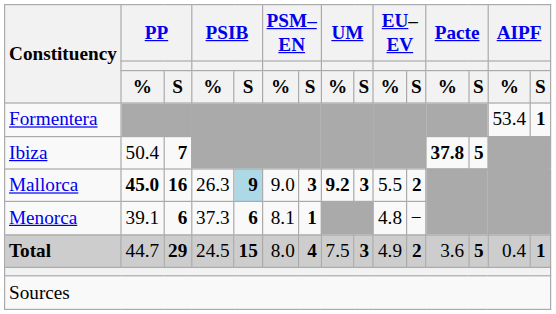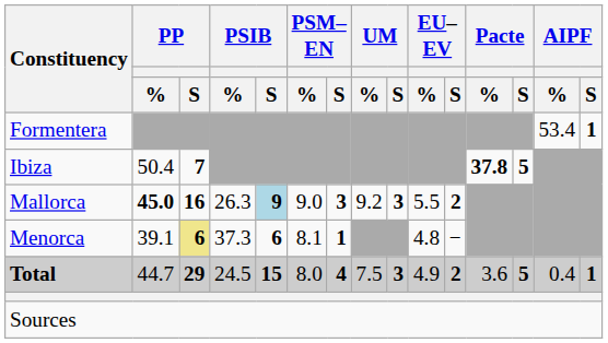 <table class="wikitable sortable" style="text-align:right; line-height:20px;">
 <tr>
 <th rowspan="3">Constituency</th>
 <th colspan="2" width="30px" class="unsortable"><a href='#'>PP</a></th>
 <th colspan="2" width="30px" class="unsortable"><a href='#'>PSIB</a></th>
 <th colspan="2" width="30px" class="unsortable"><a href='#'>PSM–EN</a></th>
 <th colspan="2" width="30px" class="unsortable"><a href='#'>UM</a></th>
 <th colspan="2" width="30px" class="unsortable"><a href='#'>EU</a>–<a href='#'>EV</a></th>
 <th colspan="2" width="30px" class="unsortable"><a href='#'>Pacte</a></th>
 <th colspan="2" width="30px" class="unsortable"><a href='#'>AIPF</a></th>
 </tr>
 <tr>
 <th colspan="2" style="background:"></th>
 <th colspan="2" style="background:"></th>
 <th colspan="2" style="background:"></th>
 <th colspan="2" style="background:"></th>
 <th colspan="2" style="background:"></th>
 <th colspan="2" style="background:"></th>
 <th colspan="2" style="background:"></th>
 </tr>
 <tr>
 <th data-sort-type="number">%</th>
 <th data-sort-type="number">S</th>
 <th data-sort-type="number">%</th>
 <th data-sort-type="number">S</th>
 <th data-sort-type="number">%</th>
 <th data-sort-type="number">S</th>
 <th data-sort-type="number">%</th>
 <th data-sort-type="number">S</th>
 <th data-sort-type="number">%</th>
 <th data-sort-type="number">S</th>
 <th data-sort-type="number">%</th>
 <th data-sort-type="number">S</th>
 <th data-sort-type="number">%</th>
 <th data-sort-type="number">S</th>
 </tr>
 <tr>
 <td align="left"><a href='#'>Formentera</a></td>
 <td colspan="2" bgcolor="#AAAAAA"></td>
 <td colspan="2" rowspan="2" bgcolor="#AAAAAA"></td>
 <td colspan="2" rowspan="2" bgcolor="#AAAAAA"></td>
 <td colspan="2" rowspan="2" bgcolor="#AAAAAA"></td>
 <td colspan="2" rowspan="2" bgcolor="#AAAAAA"></td>
 <td colspan="2" bgcolor="#AAAAAA"></td>
 <td style="background:">53.4</td>
 <td><strong>1</strong></td>
 </tr>
 <tr>
 <td align="left"><a href='#'>Ibiza</a></td>
 <td style="background:">50.4</td>
 <td><strong>7</strong></td>
 <td><strong>37.8</strong></td>
 <td><strong>5</strong></td>
 <td colspan="2" rowspan="3" bgcolor="#AAAAAA"></td>
 </tr>
 <tr>
 <td align="left"><a href='#'>Mallorca</a></td>
 <td style="background:"><strong>45.0</strong></td>
 <td><strong>16</strong></td>
 <td>26.3</td>
 <td style="background: lightblue;"><strong>9</strong></td>
 <td>9.0</td>
 <td><strong>3</strong></td>
-<td><strong>9.2</strong></td>
+<td>9.2</td>
 <td><strong>3</strong></td>
 <td>5.5</td>
 <td><strong>2</strong></td>
 <td colspan="2" rowspan="2" bgcolor="#AAAAAA"></td>
 </tr>
 <tr>
 <td align="left"><a href='#'>Menorca</a></td>
 <td style="background:">39.1</td>
-<td><strong>6</strong></td>
+<td style="background: khaki;"><strong>6</strong></td>
 <td>37.3</td>
 <td><strong>6</strong></td>
 <td>8.1</td>
 <td><strong>1</strong></td>
 <td colspan="2" bgcolor="#AAAAAA"></td>
 <td>4.8</td>
 <td>−</td>
 </tr>
 <tr style="background:#CDCDCD;">
 <td align="left"><strong>Total</strong></td>
 <td style="background:">44.7</td>
 <td><strong>29</strong></td>
 <td>24.5</td>
 <td><strong>15</strong></td>
 <td>8.0</td>
 <td><strong>4</strong></td>
 <td>7.5</td>
 <td><strong>3</strong></td>
 <td>4.9</td>
 <td><strong>2</strong></td>
 <td>3.6</td>
 <td><strong>5</strong></td>
 <td>0.4</td>
 <td><strong>1</strong></td>
 </tr>
 <tr>
 <th colspan="15"></th>
 </tr>
 <tr>
 <th style="text-align:left; font-weight:normal; background:#F9F9F9" colspan="15">Sources</th>
 </tr>
 </table>
